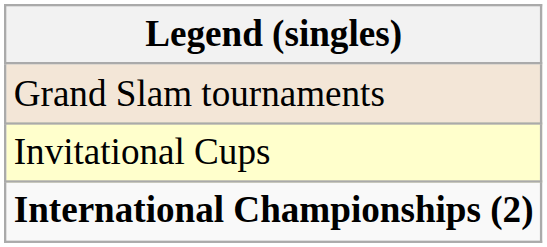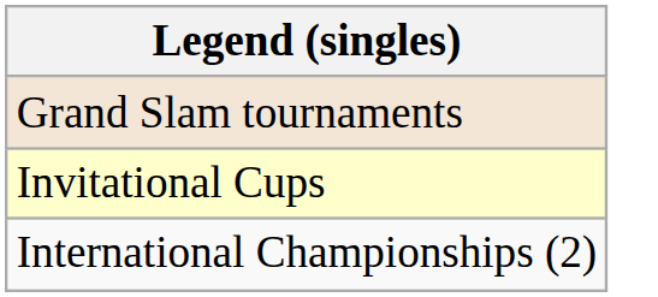 <table class="wikitable">
 <tr>
 <th>Legend (singles)</th>
 </tr>
 <tr style="background:#f3e6d7;">
 <td>Grand Slam tournaments</td>
 </tr>
 <tr bgcolor="ffffcc">
 <td>Invitational Cups</td>
 </tr>
 <tr bgcolor=>
-<td><strong>International Championships (2)</strong></td>
+<td>International Championships (2)</td>
 </tr>
 </table>
